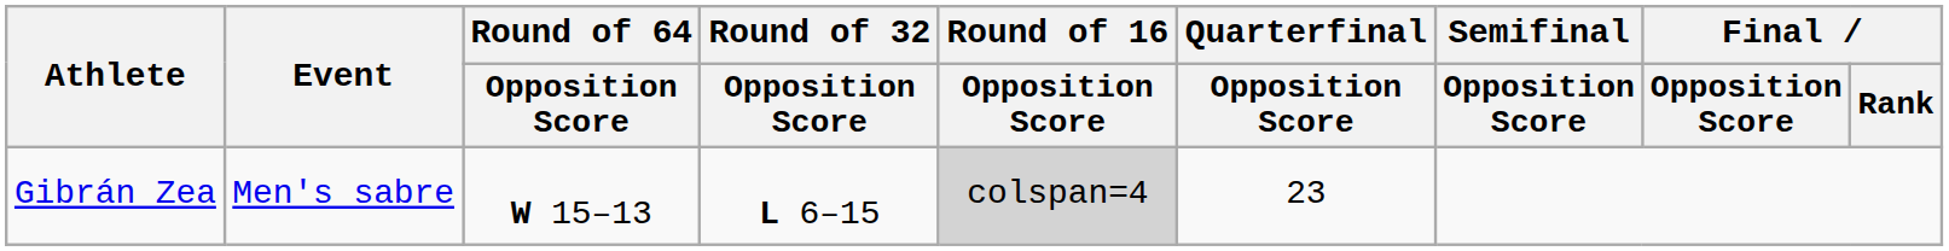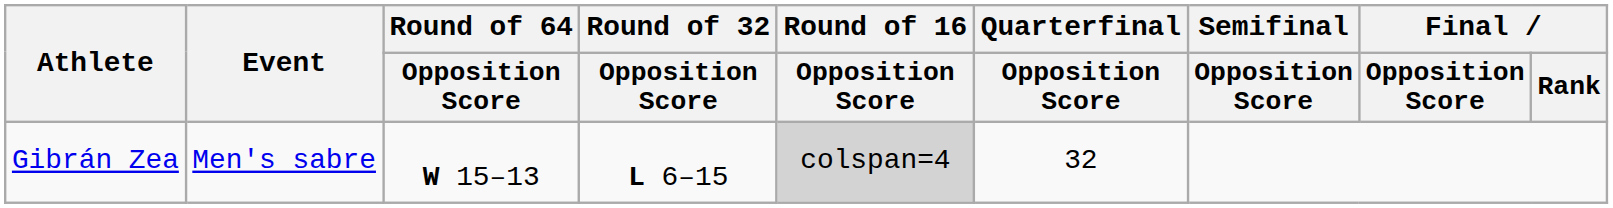 <table class="wikitable" style="font-size:90%">
 <tr>
 <th rowspan="2">Athlete</th>
 <th rowspan="2">Event</th>
 <th>Round of 64</th>
 <th>Round of 32</th>
 <th>Round of 16</th>
 <th>Quarterfinal</th>
 <th>Semifinal</th>
 <th colspan=2>Final / </th>
 </tr>
 <tr style="font-size:95%">
 <th>Opposition <br> Score</th>
 <th>Opposition <br> Score</th>
 <th>Opposition <br> Score</th>
 <th>Opposition <br> Score</th>
 <th>Opposition <br> Score</th>
 <th>Opposition <br> Score</th>
 <th>Rank</th>
 </tr>
 <tr align=center>
 <td align=left><a href='#'>Gibrán Zea</a></td>
 <td align=left><a href='#'>Men's sabre</a></td>
 <td><br><strong>W</strong> 15–13</td>
 <td><br><strong>L</strong> 6–15</td>
 <td style="background: lightgrey;">colspan=4</td>
-<td>23</td>
+<td>32</td>
 </tr>
 </table>
